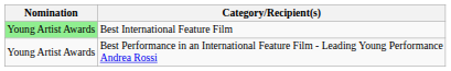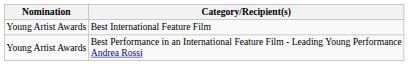 <table class="wikitable">
 <tr>
 <th>Nomination</th>
 <th>Category/Recipient(s)</th>
 </tr>
 <tr>
-<td style="background: lightgreen;">Young Artist Awards</td>
+<td>Young Artist Awards</td>
 <td>Best International Feature Film</td>
 </tr>
 <tr>
 <td>Young Artist Awards</td>
 <td>Best Performance in an International Feature Film - Leading Young Performance<br><a href='#'>Andrea Rossi</a></td>
 </tr>
 </table>
